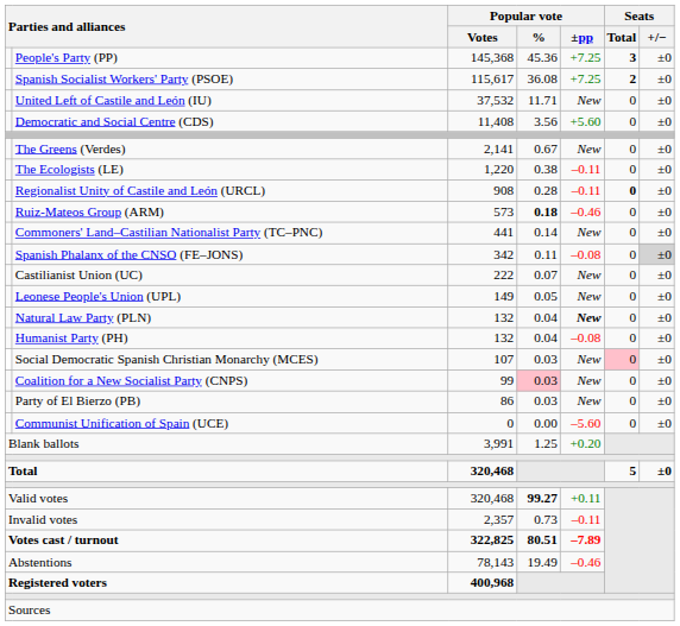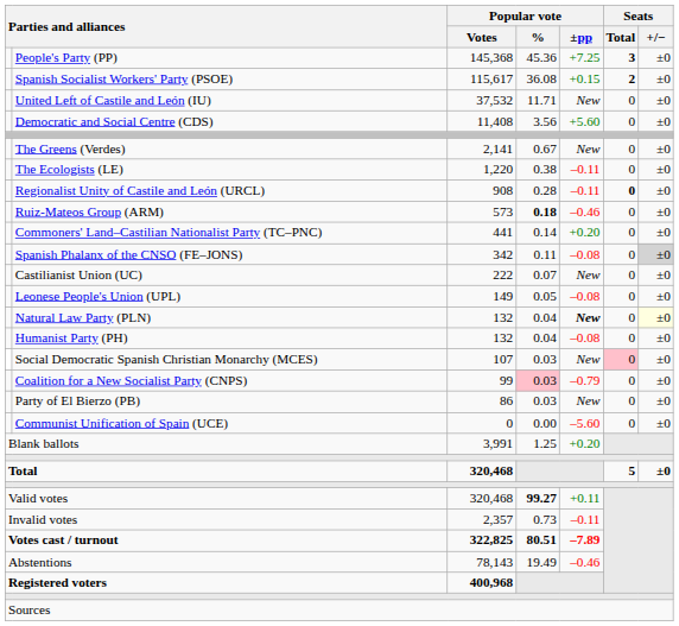 <table class="wikitable" style="text-align:right;">
 <tr>
 <th style="text-align:left;" rowspan="2" colspan="2" width="525">Parties and alliances</th>
 <th colspan="3">Popular vote</th>
 <th colspan="2">Seats</th>
 </tr>
 <tr>
 <th width="75">Votes</th>
 <th width="45">%</th>
 <th width="45">±<a href='#'>pp</a></th>
 <th width="35">Total</th>
 <th width="35">+/−</th>
 </tr>
 <tr>
 <td width="1" style="color:inherit;background:"></td>
 <td align="left"><a href='#'>People's Party</a> (PP)</td>
 <td>145,368</td>
 <td>45.36</td>
 <td style="color:green;">+7.25</td>
 <td><strong>3</strong></td>
 <td>±0</td>
 </tr>
 <tr>
 <td style="color:inherit;background:"></td>
 <td align="left"><a href='#'>Spanish Socialist Workers' Party</a> (PSOE)</td>
 <td>115,617</td>
 <td>36.08</td>
-<td style="color:green;">+7.25</td>
+<td style="color:green;">+0.15</td>
 <td><strong>2</strong></td>
 <td>±0</td>
 </tr>
 <tr>
 <td style="color:inherit;background:"></td>
 <td align="left"><a href='#'>United Left of Castile and León</a> (IU)</td>
 <td>37,532</td>
 <td>11.71</td>
 <td><em>New</em></td>
 <td>0</td>
 <td>±0</td>
 </tr>
 <tr>
 <td style="color:inherit;background:"></td>
 <td align="left"><a href='#'>Democratic and Social Centre</a> (CDS)</td>
 <td>11,408</td>
 <td>3.56</td>
 <td style="color:green;">+5.60</td>
 <td>0</td>
 <td>±0</td>
 </tr>
 <tr>
 <td colspan="7" bgcolor="#C0C0C0"></td>
 </tr>
 <tr>
 <td style="color:inherit;background:"></td>
 <td align="left"><a href='#'>The Greens</a> (Verdes)</td>
 <td>2,141</td>
 <td>0.67</td>
 <td><em>New</em></td>
 <td>0</td>
 <td>±0</td>
 </tr>
 <tr>
 <td style="color:inherit;background:"></td>
 <td align="left"><a href='#'>The Ecologists</a> (LE)</td>
 <td>1,220</td>
 <td>0.38</td>
 <td style="color:red;">–0.11</td>
 <td>0</td>
 <td>±0</td>
 </tr>
 <tr>
 <td style="color:inherit;background:"></td>
 <td align="left"><a href='#'>Regionalist Unity of Castile and León</a> (URCL)</td>
 <td>908</td>
 <td>0.28</td>
 <td style="color:red;">–0.11</td>
 <td><strong>0</strong></td>
 <td>±0</td>
 </tr>
 <tr>
 <td style="color:inherit;background:"></td>
 <td align="left"><a href='#'>Ruiz-Mateos Group</a> (ARM)</td>
 <td>573</td>
 <td><strong>0.18</strong></td>
 <td style="color:red;">–0.46</td>
 <td>0</td>
 <td>±0</td>
 </tr>
 <tr>
 <td style="color:inherit;background:"></td>
 <td align="left"><a href='#'>Commoners' Land–Castilian Nationalist Party</a> (TC–PNC)</td>
 <td>441</td>
 <td>0.14</td>
-<td><em>New</em></td>
+<td style="color:green;">+0.20</td>
 <td>0</td>
 <td>±0</td>
 </tr>
 <tr>
 <td style="color:inherit;background:"></td>
 <td align="left"><a href='#'>Spanish Phalanx of the CNSO</a> (FE–JONS)</td>
 <td>342</td>
 <td>0.11</td>
 <td style="color:red;">–0.08</td>
 <td>0</td>
 <td style="background: lightgrey;">±0</td>
 </tr>
 <tr>
 <td style="color:inherit;background:"></td>
 <td align="left">Castilianist Union (UC)</td>
 <td>222</td>
 <td>0.07</td>
 <td><em>New</em></td>
 <td>0</td>
 <td>±0</td>
 </tr>
 <tr>
 <td style="color:inherit;background:"></td>
 <td align="left"><a href='#'>Leonese People's Union</a> (UPL)</td>
 <td>149</td>
 <td>0.05</td>
-<td><em>New</em></td>
+<td style="color:red;">–0.08</td>
 <td>0</td>
 <td>±0</td>
 </tr>
 <tr>
 <td style="color:inherit;background:"></td>
 <td align="left"><a href='#'>Natural Law Party</a> (PLN)</td>
 <td>132</td>
 <td>0.04</td>
 <td><strong><em>New</em></strong></td>
 <td>0</td>
-<td>±0</td>
+<td style="background: lightyellow;">±0</td>
 </tr>
 <tr>
 <td style="color:inherit;background:"></td>
 <td align="left"><a href='#'>Humanist Party</a> (PH)</td>
 <td>132</td>
 <td>0.04</td>
 <td style="color:red;">–0.08</td>
 <td>0</td>
 <td>±0</td>
 </tr>
 <tr>
 <td bgcolor="white"></td>
 <td align="left">Social Democratic Spanish Christian Monarchy (MCES)</td>
 <td>107</td>
 <td>0.03</td>
 <td><em>New</em></td>
 <td style="background: pink;">0</td>
 <td>±0</td>
 </tr>
 <tr>
 <td style="color:inherit;background:"></td>
 <td align="left"><a href='#'>Coalition for a New Socialist Party</a> (CNPS)</td>
 <td>99</td>
 <td style="background: pink;">0.03</td>
-<td><em>New</em></td>
+<td style="color:red;">–0.79</td>
 <td>0</td>
 <td>±0</td>
 </tr>
 <tr>
 <td style="color:inherit;background:"></td>
 <td align="left">Party of El Bierzo (PB)</td>
 <td>86</td>
 <td>0.03</td>
 <td><em>New</em></td>
 <td>0</td>
 <td>±0</td>
 </tr>
 <tr>
 <td style="color:inherit;background:"></td>
 <td align="left"><a href='#'>Communist Unification of Spain</a> (UCE)</td>
 <td>0</td>
 <td>0.00</td>
 <td style="color:red;">–5.60</td>
 <td>0</td>
 <td>±0</td>
 </tr>
 <tr>
 <td align="left" colspan="2">Blank ballots</td>
 <td>3,991</td>
 <td>1.25</td>
 <td style="color:green;">+0.20</td>
 <td bgcolor="#E9E9E9" colspan="2"></td>
 </tr>
 <tr>
 <td colspan="7" bgcolor="#E9E9E9"></td>
 </tr>
 <tr style="font-weight:bold;">
 <td align="left" colspan="2">Total</td>
 <td>320,468</td>
 <td bgcolor="#E9E9E9" colspan="2"></td>
 <td>5</td>
 <td>±0</td>
 </tr>
 <tr>
 <td colspan="7" bgcolor="#E9E9E9"></td>
 </tr>
 <tr>
 <td align="left" colspan="2">Valid votes</td>
 <td>320,468</td>
 <td><strong>99.27</strong></td>
 <td style="color:green;">+0.11</td>
 <td bgcolor="#E9E9E9" colspan="2" rowspan="5"></td>
 </tr>
 <tr>
 <td align="left" colspan="2">Invalid votes</td>
 <td>2,357</td>
 <td>0.73</td>
 <td style="color:red;">–0.11</td>
 </tr>
 <tr style="font-weight:bold;">
 <td align="left" colspan="2">Votes cast / turnout</td>
 <td>322,825</td>
 <td>80.51</td>
 <td style="color:red;">–7.89</td>
 </tr>
 <tr>
 <td align="left" colspan="2">Abstentions</td>
 <td>78,143</td>
 <td>19.49</td>
 <td style="color:red;">–0.46</td>
 </tr>
 <tr style="font-weight:bold;">
 <td align="left" colspan="2">Registered voters</td>
 <td>400,968</td>
 <td bgcolor="#E9E9E9" colspan="2"></td>
 </tr>
 <tr>
 <td colspan="7" bgcolor="#E9E9E9"></td>
 </tr>
 <tr>
 <td align="left" colspan="7">Sources</td>
 </tr>
 </table>
